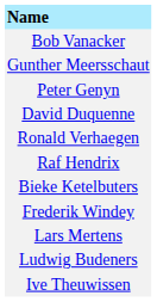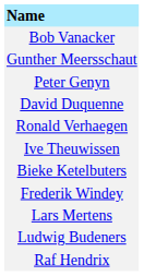 <table border=0 cellpadding=2 cellspacing=0  |- bgcolor=#F2F2F2 style="text-align:center; font-size:90%;">
 <tr bgcolor=#ADEBFD>
 <th align=left>Name</th>
 </tr>
 <tr>
 <td><a href='#'>Bob Vanacker</a></td>
 </tr>
 <tr>
 <td><a href='#'>Gunther Meersschaut</a></td>
 </tr>
 <tr>
 <td><a href='#'>Peter Genyn</a></td>
 </tr>
 <tr>
 <td><a href='#'>David Duquenne</a></td>
 </tr>
 <tr>
 <td><a href='#'>Ronald Verhaegen</a></td>
 </tr>
 <tr>
-<td><a href='#'>Raf Hendrix</a></td>
+<td><a href='#'>Ive Theuwissen</a></td>
 </tr>
 <tr>
 <td><a href='#'>Bieke Ketelbuters</a></td>
 </tr>
 <tr>
 <td><a href='#'>Frederik Windey</a></td>
 </tr>
 <tr>
 <td><a href='#'>Lars Mertens</a></td>
 </tr>
 <tr>
 <td><a href='#'>Ludwig Budeners</a></td>
 </tr>
 <tr>
-<td><a href='#'>Ive Theuwissen</a></td>
+<td><a href='#'>Raf Hendrix</a></td>
 </tr>
 </table>
